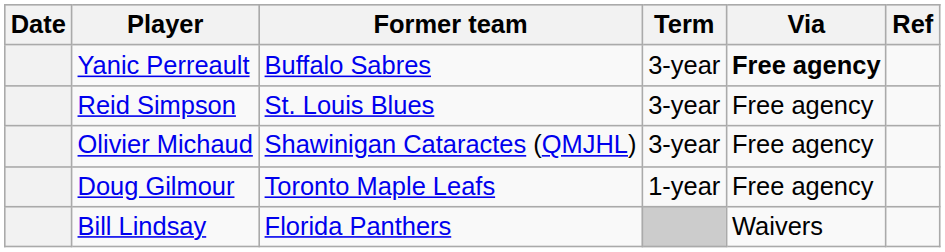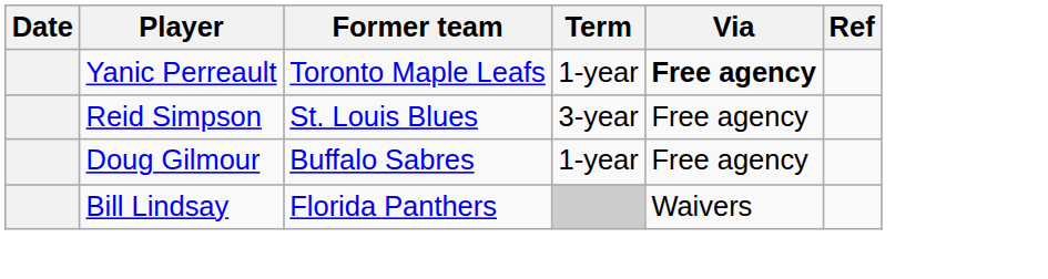 <table class="wikitable plainrowheaders">
 <tr style="background:#ddd; text-align:center;">
 <th>Date</th>
 <th>Player</th>
 <th>Former team</th>
 <th>Term</th>
 <th>Via</th>
 <th>Ref</th>
 </tr>
 <tr>
 <th scope="row"></th>
 <td><a href='#'>Yanic Perreault</a></td>
-<td><a href='#'>Buffalo Sabres</a></td>
-<td>3-year</td>
+<td><a href='#'>Toronto Maple Leafs</a></td>
+<td>1-year</td>
 <td><strong>Free agency</strong></td>
 <td></td>
 </tr>
 <tr>
 <th scope="row"></th>
 <td><a href='#'>Reid Simpson</a></td>
 <td><a href='#'>St. Louis Blues</a></td>
 <td>3-year</td>
 <td>Free agency</td>
 <td></td>
 </tr>
 <tr>
 <th scope="row"></th>
-<td><a href='#'>Olivier Michaud</a></td>
-<td><a href='#'>Shawinigan Cataractes</a> (<a href='#'>QMJHL</a>)</td>
-<td>3-year</td>
-<td>Free agency</td>
-<td></td>
-</tr>
-<tr>
-<th scope="row"></th>
 <td><a href='#'>Doug Gilmour</a></td>
-<td><a href='#'>Toronto Maple Leafs</a></td>
+<td><a href='#'>Buffalo Sabres</a></td>
 <td>1-year</td>
 <td>Free agency</td>
 <td></td>
 </tr>
 <tr>
 <th scope="row"></th>
 <td><a href='#'>Bill Lindsay</a></td>
 <td><a href='#'>Florida Panthers</a></td>
 <td style="background:#ccc"></td>
 <td>Waivers</td>
 <td></td>
 </tr>
 </table>
